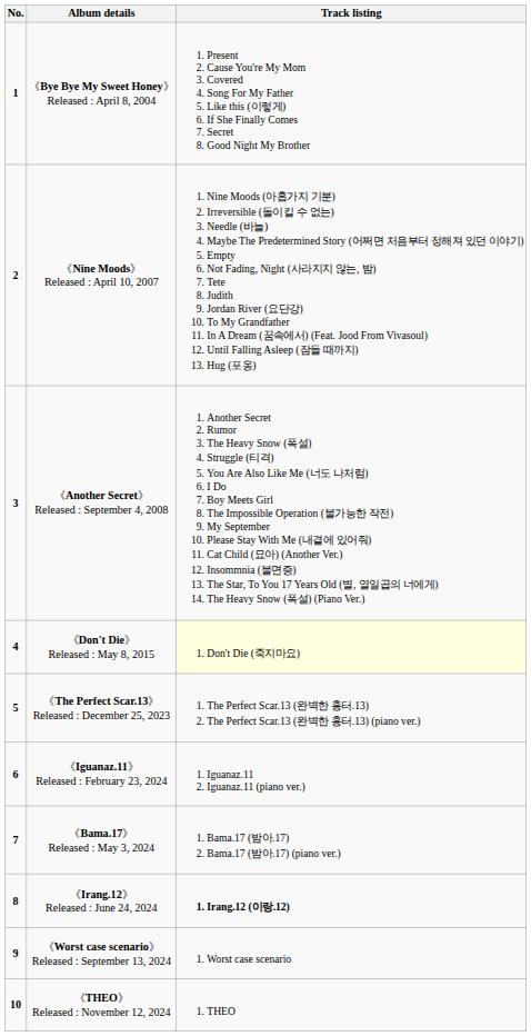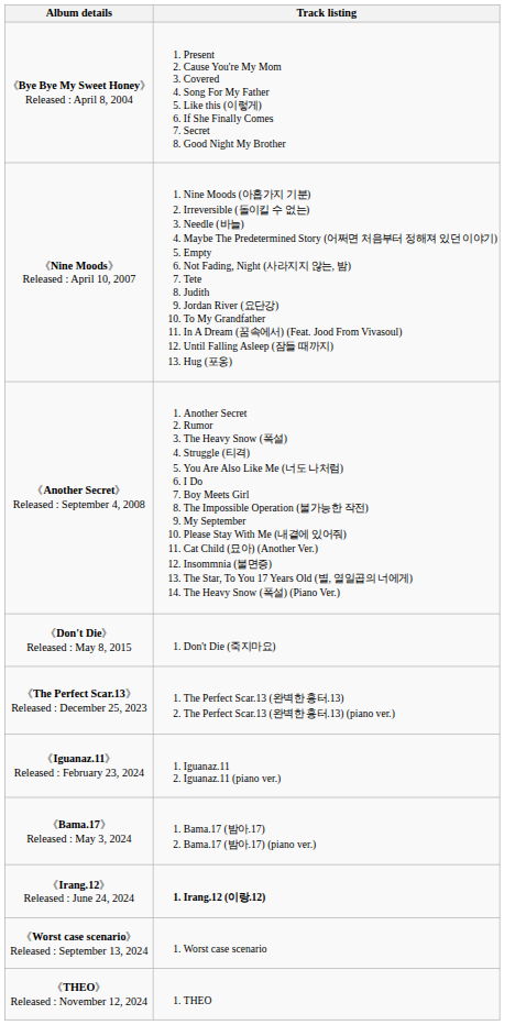 <table class="wikitable">
 <tr>
-<th align="left">No.</th>
 <th align="left">Album details</th>
 <th align="left">Track listing</th>
 </tr>
 <tr>
-<td align="center"><strong>1</strong></td>
 <td align="center">《<strong>Bye Bye My Sweet Honey</strong>》<br>Released : April 8, 2004</td>
 <td align="left" style="font-size: 95%;"><br><ol><li>Present</li><li>Cause You're My Mom</li><li>Covered</li><li>Song For My Father</li><li>Like this (이렇게)</li><li>If She Finally Comes</li><li>Secret</li><li>Good Night My Brother</li></ol></td>
 </tr>
 <tr>
-<td align="center"><strong>2</strong></td>
 <td align="center">《<strong>Nine Moods</strong>》<br>Released : April 10, 2007</td>
 <td align="left" style="font-size: 95%;"><br><ol><li>Nine Moods (아홉가지 기분)</li><li>Irreversible (돌이킬 수 없는)</li><li>Needle (바늘)</li><li>Maybe The Predetermined Story (어쩌면 처음부터 정해져 있던 이야기)</li><li>Empty</li><li>Not Fading, Night (사라지지 않는, 밤)</li><li>Tete</li><li>Judith</li><li>Jordan River (요단강)</li><li>To My Grandfather</li><li>In A Dream (꿈속에서) (Feat. Jood From Vivasoul)</li><li>Until Falling Asleep (잠들 때까지)</li><li>Hug (포옹)</li></ol></td>
 </tr>
 <tr>
-<td align="center"><strong>3</strong></td>
 <td align="center">《<strong>Another Secret</strong>》<br>Released : September 4, 2008</td>
 <td align="left" style="font-size: 95%;"><br><ol><li>Another Secret</li><li>Rumor</li><li>The Heavy Snow (폭설)</li><li>Struggle (티격)</li><li>You Are Also Like Me (너도 나처럼)</li><li>I Do</li><li>Boy Meets Girl</li><li>The Impossible Operation (불가능한 작전)</li><li>My September</li><li>Please Stay With Me (내곁에 있어줘)</li><li>Cat Child (묘아) (Another Ver.)</li><li>Insommnia (불면증)</li><li>The Star, To You 17 Years Old (별, 열일곱의 너에게)</li><li>The Heavy Snow (폭설) (Piano Ver.)</li></ol></td>
 </tr>
 <tr>
-<td align="center"><strong>4</strong></td>
 <td align="center">《<strong>Don't Die</strong>》<br>Released : May 8, 2015</td>
-<td align="left" style="background: lightyellow; font-size: 95%;"><br><ol><li>Don't Die (죽지마요)</li></ol></td>
+<td align="left" style="font-size: 95%;"><br><ol><li>Don't Die (죽지마요)</li></ol></td>
 </tr>
 <tr>
-<td align="center"><strong>5</strong></td>
 <td align="center">《<strong>The Perfect Scar.13</strong>》 <br>Released : December 25, 2023</td>
 <td align="left" style="font-size: 95%;"><br><ol><li>The Perfect Scar.13 (완벽한 흉터.13)</li><li>The Perfect Scar.13 (완벽한 흉터.13) (piano ver.)</li></ol></td>
 </tr>
 <tr>
-<td align="center"><strong>6</strong></td>
 <td align="center">《<strong>Iguanaz.11</strong>》 <br>Released : February 23, 2024</td>
 <td align="left" style="font-size: 95%;"><br><ol><li>Iguanaz.11</li><li>Iguanaz.11 (piano ver.)</li></ol></td>
 </tr>
 <tr>
-<td align="center"><strong>7</strong></td>
 <td align="center">《<strong>Bama.17</strong>》 <br>Released : May 3, 2024</td>
 <td align="left" style="font-size: 95%;"><br><ol><li>Bama.17 (밤아.17)</li><li>Bama.17 (밤아.17) (piano ver.)</li></ol></td>
 </tr>
 <tr>
-<td align="center"><strong>8</strong></td>
 <td align="center">《<strong>Irang.12</strong>》 <br>Released : June 24, 2024</td>
 <td align="left" style="font-size: 95%;"><strong><br><ol><li>Irang.12 (이랑.12)</li></ol></strong></td>
 </tr>
 <tr>
-<td align="center"><strong>9</strong></td>
 <td align="center">《<strong>Worst case scenario</strong>》 <br>Released : September 13, 2024</td>
 <td align="left" style="font-size: 95%;"><br><ol><li>Worst case scenario</li></ol></td>
 </tr>
 <tr>
-<td align="center"><strong>10</strong></td>
 <td align="center">《<strong>THEO</strong>》 <br>Released : November 12, 2024</td>
 <td align="left" style="font-size: 95%;"><br><ol><li>THEO</li></ol></td>
 </tr>
 </table>
